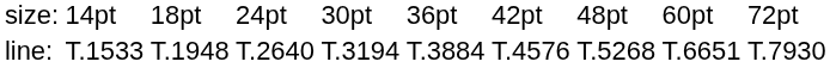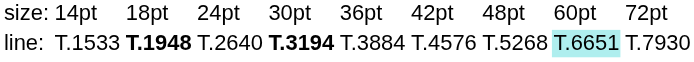 <table style="margin-left:40px;">
 <tr>
 <td>size:</td>
 <td>14pt</td>
 <td>18pt</td>
 <td>24pt</td>
 <td>30pt</td>
 <td>36pt</td>
 <td>42pt</td>
 <td>48pt</td>
 <td>60pt</td>
 <td>72pt</td>
 </tr>
 <tr>
 <td>line:</td>
 <td>T.1533</td>
-<td>T.1948</td>
+<td><strong>T.1948</strong></td>
 <td>T.2640</td>
-<td>T.3194</td>
+<td><strong>T.3194</strong></td>
 <td>T.3884</td>
 <td>T.4576</td>
 <td>T.5268</td>
-<td>T.6651</td>
+<td style="background: paleturquoise;">T.6651</td>
 <td>T.7930</td>
 </tr>
 </table>
